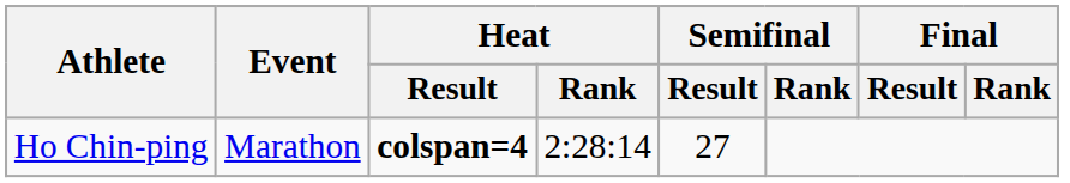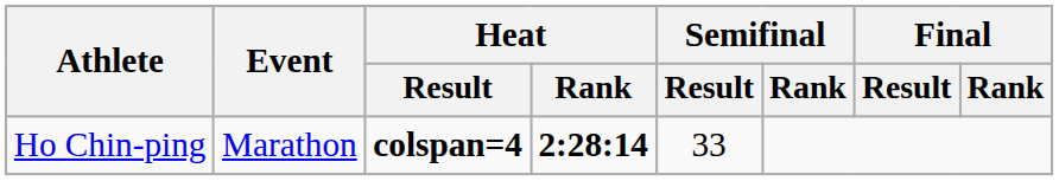 <table class="wikitable" style="font-size:90%">
 <tr>
 <th rowspan="2">Athlete</th>
 <th rowspan="2">Event</th>
 <th colspan="2">Heat</th>
 <th colspan="2">Semifinal</th>
 <th colspan="2">Final</th>
 </tr>
 <tr style="font-size:95%">
 <th>Result</th>
 <th>Rank</th>
 <th>Result</th>
 <th>Rank</th>
 <th>Result</th>
 <th>Rank</th>
 </tr>
 <tr style=text-align:center>
 <td style=text-align:left><a href='#'>Ho Chin-ping</a></td>
 <td style=text-align:left><a href='#'>Marathon</a></td>
 <td><strong>colspan=4 </strong></td>
-<td>2:28:14</td>
-<td>27</td>
+<td><strong>2:28:14</strong></td>
+<td>33</td>
 </tr>
 </table>
